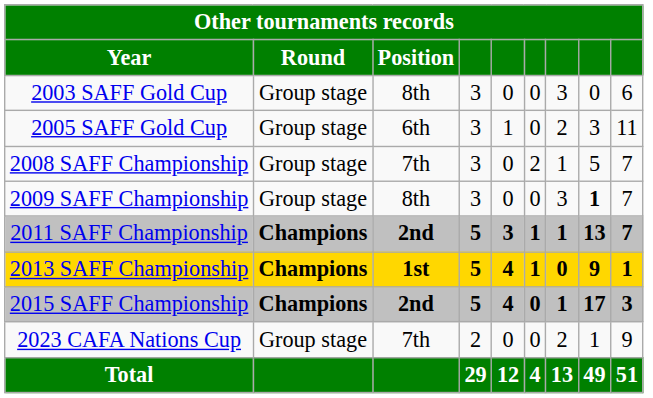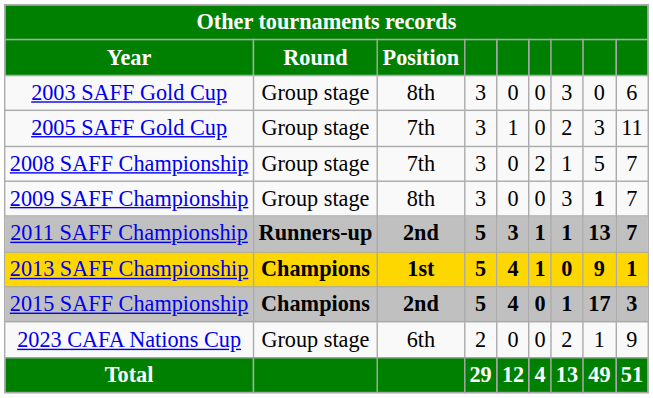 <table class="wikitable" style="text-align:center">
 <tr>
 <th colspan="9" style="background:green; color:#FFF; ">Other tournaments records</th>
 </tr>
 <tr>
 <th style="background:green; color:#FFF; ">Year</th>
 <th style="background:green; color:#FFF; ">Round</th>
 <th style="background:green; color:#FFF; ">Position</th>
 <th style="background:green; color:#FFF; "></th>
 <th style="background:green; color:#FFF; "></th>
 <th style="background:green; color:#FFF; "></th>
 <th style="background:green; color:#FFF; "></th>
 <th style="background:green; color:#FFF; "></th>
 <th style="background:green; color:#FFF; "></th>
 </tr>
 <tr>
 <td> <a href='#'>2003 SAFF Gold Cup</a></td>
 <td>Group stage</td>
 <td>8th</td>
 <td>3</td>
 <td>0</td>
 <td>0</td>
 <td>3</td>
 <td>0</td>
 <td>6</td>
 </tr>
 <tr>
 <td> <a href='#'>2005 SAFF Gold Cup</a></td>
 <td>Group stage</td>
-<td>6th</td>
+<td>7th</td>
 <td>3</td>
 <td>1</td>
 <td>0</td>
 <td>2</td>
 <td>3</td>
 <td>11</td>
 </tr>
 <tr>
 <td>  <a href='#'>2008 SAFF Championship</a></td>
 <td>Group stage</td>
 <td>7th</td>
 <td>3</td>
 <td>0</td>
 <td>2</td>
 <td>1</td>
 <td>5</td>
 <td>7</td>
 </tr>
 <tr>
 <td> <a href='#'>2009 SAFF Championship</a></td>
 <td>Group stage</td>
 <td>8th</td>
 <td>3</td>
 <td>0</td>
 <td>0</td>
 <td>3</td>
 <td><strong>1</strong></td>
 <td>7</td>
 </tr>
 <tr style="background:silver">
 <td> <a href='#'>2011 SAFF Championship</a></td>
-<td><strong>Champions</strong></td>
+<td><strong>Runners-up</strong></td>
 <td><strong>2nd</strong></td>
 <td><strong>5</strong></td>
 <td><strong>3</strong></td>
 <td><strong>1</strong></td>
 <td><strong>1</strong></td>
 <td><strong>13</strong></td>
 <td><strong>7</strong></td>
 </tr>
 <tr style="background:gold">
 <td> <a href='#'>2013 SAFF Championship</a></td>
 <td><strong>Champions</strong></td>
 <td><strong>1st</strong></td>
 <td><strong>5</strong></td>
 <td><strong>4</strong></td>
 <td><strong>1</strong></td>
 <td><strong>0</strong></td>
 <td><strong>9</strong></td>
 <td><strong>1</strong></td>
 </tr>
 <tr style="background:silver">
 <td> <a href='#'>2015 SAFF Championship</a></td>
 <td><strong>Champions</strong></td>
 <td><strong>2nd</strong></td>
 <td><strong>5</strong></td>
 <td><strong>4</strong></td>
 <td><strong>0</strong></td>
 <td><strong>1</strong></td>
 <td><strong>17</strong></td>
 <td><strong>3</strong></td>
 </tr>
 <tr>
 <td>  <a href='#'>2023 CAFA Nations Cup</a></td>
 <td>Group stage</td>
-<td>7th</td>
+<td>6th</td>
 <td>2</td>
 <td>0</td>
 <td>0</td>
 <td>2</td>
 <td>1</td>
 <td>9</td>
 </tr>
 <tr>
 <th style="background:green; color:#FFF; ">Total</th>
 <th style="background:green; color:#FFF; "></th>
 <th style="background:green; color:#FFF; "></th>
 <th style="background:green; color:#FFF; ">29</th>
 <th style="background:green; color:#FFF; ">12</th>
 <th style="background:green; color:#FFF; ">4</th>
 <th style="background:green; color:#FFF; ">13</th>
 <th style="background:green; color:#FFF; ">49</th>
 <th style="background:green; color:#FFF; ">51</th>
 </tr>
 </table>
